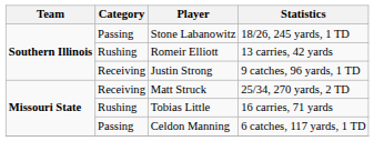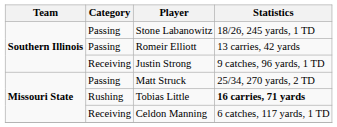 <table class="wikitable" style="float: right;">
 <tr>
 <th>Team</th>
 <th>Category</th>
 <th>Player</th>
 <th>Statistics</th>
 </tr>
 <tr>
 <td rowspan=3><strong>Southern Illinois</strong></td>
 <td>Passing</td>
 <td>Stone Labanowitz</td>
 <td>18/26, 245 yards, 1 TD</td>
 </tr>
 <tr>
-<td>Rushing</td>
+<td>Passing</td>
 <td>Romeir Elliott</td>
 <td>13 carries,	42 yards</td>
 </tr>
 <tr>
 <td>Receiving</td>
 <td>Justin Strong</td>
 <td>9 catches, 96 yards, 1 TD</td>
 </tr>
 <tr>
 <td rowspan=3><strong>Missouri State</strong></td>
-<td>Receiving</td>
+<td>Passing</td>
 <td>Matt Struck</td>
 <td>25/34, 270 yards, 2 TD</td>
 </tr>
 <tr>
 <td>Rushing</td>
 <td>Tobias Little</td>
-<td>16 carries, 71 yards</td>
+<td><strong>16 carries, 71 yards</strong></td>
 </tr>
 <tr>
-<td>Passing</td>
+<td>Receiving</td>
 <td>Celdon Manning</td>
 <td>6 catches, 117 yards, 1 TD</td>
 </tr>
 <tr>
 </tr>
 </table>
